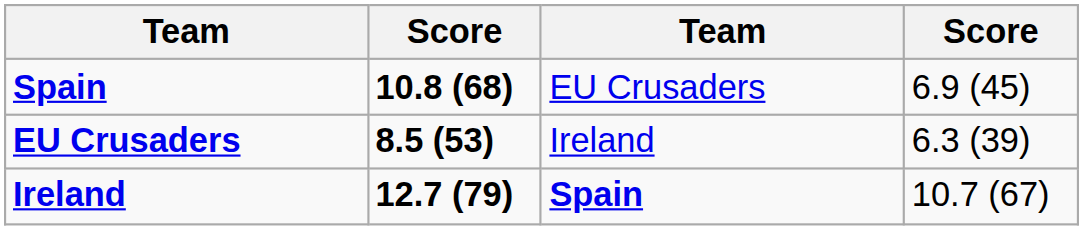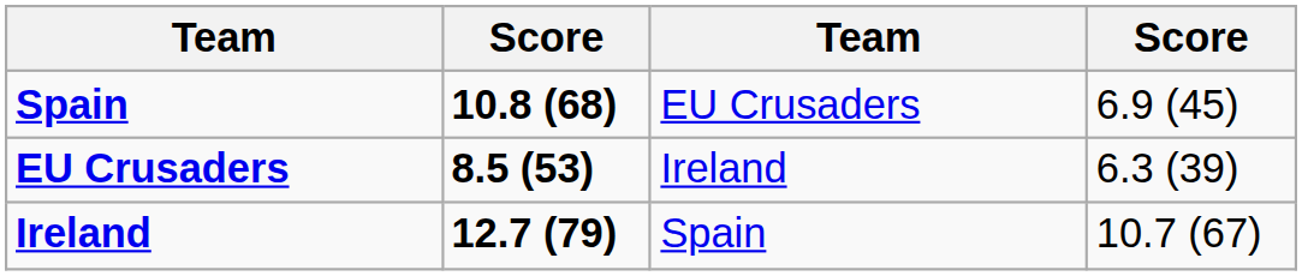 <table class="wikitable" width=500>
 <tr>
 <th width=25%>Team</th>
 <th width=12%>Score</th>
 <th width=25%>Team</th>
 <th width=12%>Score</th>
 </tr>
 <tr style="vertical-align: top;">
 <td> <strong><a href='#'>Spain</a></strong></td>
 <td><strong>10.8 (68)</strong></td>
 <td> <a href='#'>EU Crusaders</a></td>
 <td>6.9 (45)</td>
 </tr>
 <tr>
 <td> <strong><a href='#'>EU Crusaders</a></strong></td>
 <td><strong>8.5 (53)</strong></td>
 <td> <a href='#'>Ireland</a></td>
 <td>6.3 (39)</td>
 </tr>
 <tr>
 <td> <strong><a href='#'>Ireland</a></strong></td>
 <td><strong>12.7 (79)</strong></td>
-<td><strong> <a href='#'>Spain</a></strong></td>
+<td> <a href='#'>Spain</a></td>
 <td>10.7 (67)</td>
 </tr>
 </table>
